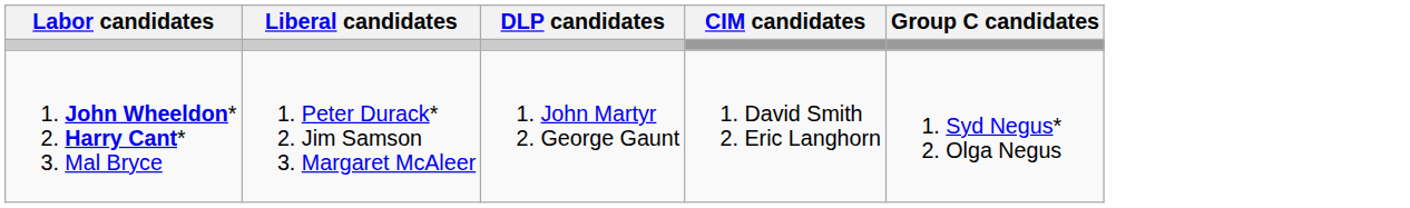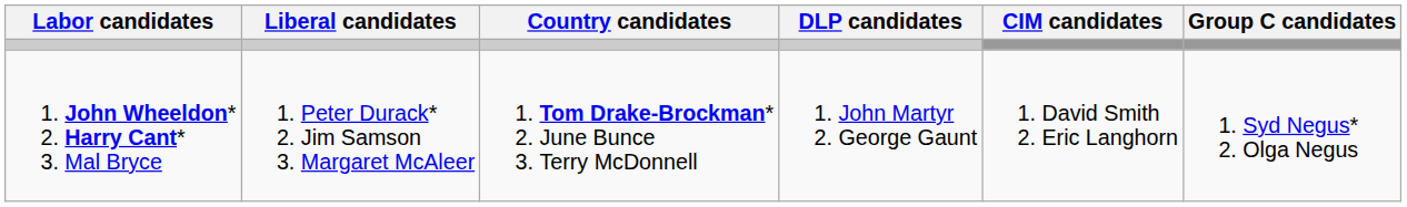 <table class="wikitable">
 <tr>
 <th><a href='#'>Labor</a> candidates</th>
 <th><a href='#'>Liberal</a> candidates</th>
+<th><a href='#'>Country</a> candidates</th>
 <th><a href='#'>DLP</a> candidates</th>
 <th><a href='#'>CIM</a> candidates</th>
 <th>Group C candidates</th>
 </tr>
 <tr bgcolor="#cccccc">
+<td></td>
 <td></td>
 <td></td>
 <td></td>
 <td bgcolor="#999999"></td>
 <td bgcolor="#999999"></td>
 </tr>
 <tr>
 <td><br><ol><li><strong><a href='#'>John Wheeldon</a></strong>*</li><li><strong><a href='#'>Harry Cant</a></strong>*</li><li><a href='#'>Mal Bryce</a></li></ol></td>
 <td><br><ol><li><a href='#'>Peter Durack</a>*</li><li>Jim Samson</li><li><a href='#'>Margaret McAleer</a></li></ol></td>
+<td><br><ol><li><strong><a href='#'>Tom Drake-Brockman</a></strong>*</li><li>June Bunce</li><li>Terry McDonnell</li></ol></td>
 <td valign=top><br><ol><li><a href='#'>John Martyr</a></li><li>George Gaunt</li></ol></td>
 <td valign=top><br><ol><li>David Smith</li><li>Eric Langhorn</li></ol></td>
 <td><br><ol><li><a href='#'>Syd Negus</a>*</li><li>Olga Negus</li></ol></td>
 </tr>
 </table>
